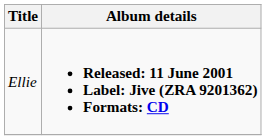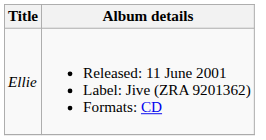 <table class="wikitable">
 <tr>
 <th>Title</th>
 <th>Album details</th>
 </tr>
 <tr>
 <td><em>Ellie</em></td>
-<td><strong><br><ul><li>Released: 11 June 2001</li><li>Label: Jive (ZRA 9201362)</li><li>Formats: <a href='#'>CD</a></li></ul></strong></td>
+<td><br><ul><li>Released: 11 June 2001</li><li>Label: Jive (ZRA 9201362)</li><li>Formats: <a href='#'>CD</a></li></ul></td>
 </tr>
 <tr>
 </tr>
 </table>
